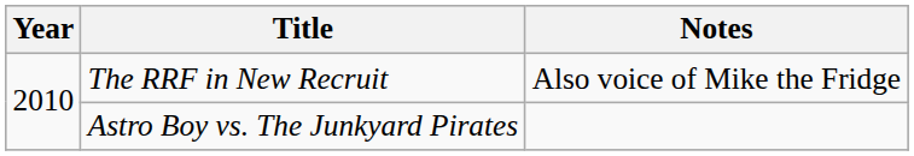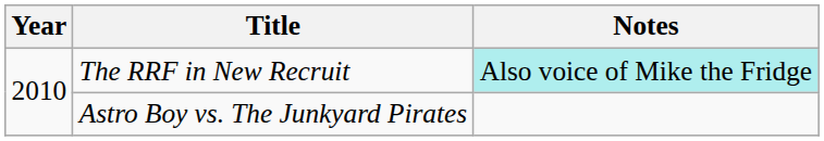 <table class="wikitable">
 <tr>
 <th>Year</th>
 <th>Title</th>
 <th>Notes</th>
 </tr>
 <tr>
 <td rowspan="2">2010</td>
 <td><em>The RRF in New Recruit</em></td>
-<td>Also voice of Mike the Fridge</td>
+<td style="background: paleturquoise;">Also voice of Mike the Fridge</td>
 </tr>
 <tr>
 <td><em>Astro Boy vs. The Junkyard Pirates</em></td>
 <td></td>
 </tr>
 </table>
